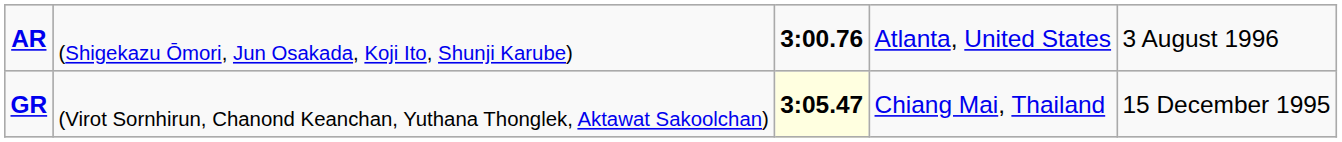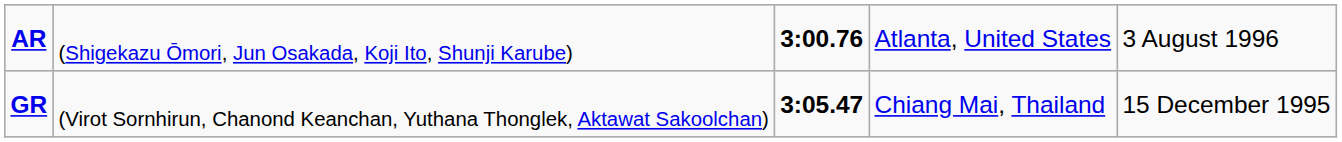 <table class="wikitable" style="font-size:95%; position:relative;">
 <tr>
 <td align=center><strong><a href='#'>AR</a></strong></td>
 <td><br><small>(<a href='#'>Shigekazu Ōmori</a>, <a href='#'>Jun Osakada</a>, <a href='#'>Koji Ito</a>, <a href='#'>Shunji Karube</a>)</small></td>
 <td><strong>3:00.76</strong></td>
 <td><a href='#'>Atlanta</a>, <a href='#'>United States</a></td>
 <td>3 August 1996</td>
 </tr>
 <tr>
 <td align=center><strong><a href='#'>GR</a></strong></td>
 <td><br><small>(Virot Sornhirun, Chanond Keanchan, Yuthana Thonglek, <a href='#'>Aktawat Sakoolchan</a>)</small></td>
-<td style="background: lightyellow;"><strong>3:05.47</strong></td>
+<td><strong>3:05.47</strong></td>
 <td><a href='#'>Chiang Mai</a>, <a href='#'>Thailand</a></td>
 <td>15 December 1995</td>
 </tr>
 </table>
